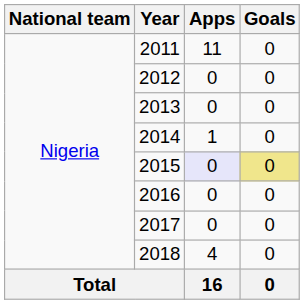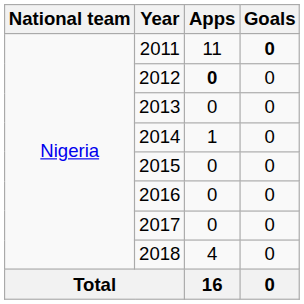 <table class="wikitable" style="text-align:center">
 <tr>
 <th>National team</th>
 <th>Year</th>
 <th>Apps</th>
 <th>Goals</th>
 </tr>
 <tr>
 <td rowspan="8"><a href='#'>Nigeria</a></td>
 <td>2011</td>
 <td>11</td>
-<td>0</td>
+<td><strong>0</strong></td>
 </tr>
 <tr>
 <td>2012</td>
-<td>0</td>
+<td><strong>0</strong></td>
 <td>0</td>
 </tr>
 <tr>
 <td>2013</td>
 <td>0</td>
 <td>0</td>
 </tr>
 <tr>
 <td>2014</td>
 <td>1</td>
 <td>0</td>
 </tr>
 <tr>
 <td>2015</td>
-<td style="background: lavender;">0</td>
-<td style="background: khaki;">0</td>
+<td>0</td>
+<td>0</td>
 </tr>
 <tr>
 <td>2016</td>
 <td>0</td>
 <td>0</td>
 </tr>
 <tr>
 <td>2017</td>
 <td>0</td>
 <td>0</td>
 </tr>
 <tr>
 <td>2018</td>
 <td>4</td>
 <td>0</td>
 </tr>
 <tr>
 <th colspan="2">Total</th>
 <th>16</th>
 <th>0</th>
 </tr>
 </table>
